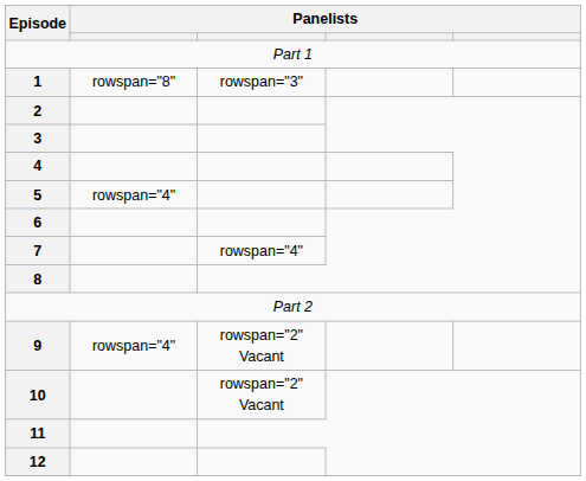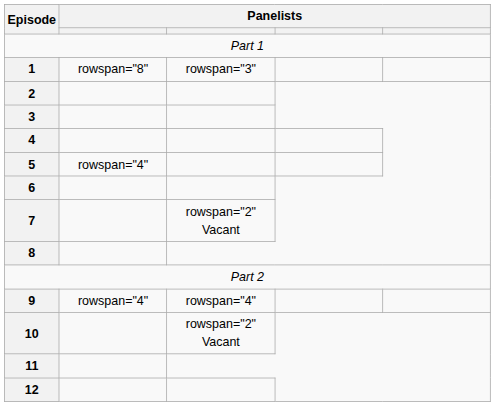 <table class="wikitable plainrowheaders mw-collapsible" style="text-align:center; line-height:23px; width:100%;">
 <tr>
 <th rowspan=2 width=01%>Episode</th>
 <th colspan=6>Panelists</th>
 </tr>
 <tr>
 <th width="20%"></th>
 <th width="20%"></th>
 <th width="20%"></th>
 <th width="20%"></th>
 </tr>
 <tr>
 <td colspan="5"><em>Part 1</em></td>
 </tr>
 <tr>
 <th>1</th>
 <td>rowspan="8" </td>
 <td>rowspan="3" </td>
 <td></td>
 <td></td>
 </tr>
 <tr>
 <th>2</th>
 <td></td>
 <td></td>
 </tr>
 <tr>
 <th>3</th>
 <td></td>
 <td></td>
 </tr>
 <tr>
 <th>4</th>
 <td></td>
 <td></td>
 <td></td>
 </tr>
 <tr>
 <th>5</th>
 <td>rowspan="4" </td>
 <td></td>
 <td></td>
 </tr>
 <tr>
 <th>6</th>
 <td></td>
 <td></td>
 </tr>
 <tr>
 <th>7</th>
 <td></td>
-<td>rowspan="4" </td>
+<td>rowspan="2"  Vacant</td>
 </tr>
 <tr>
 <th>8</th>
 <td></td>
 </tr>
 <tr>
 <td colspan="5"><em>Part 2</em></td>
 </tr>
 <tr>
 <th>9</th>
 <td>rowspan="4" </td>
-<td>rowspan="2"  Vacant</td>
+<td>rowspan="4" </td>
 <td></td>
 <td></td>
 </tr>
 <tr>
 <th>10</th>
 <td></td>
 <td>rowspan="2"  Vacant</td>
 </tr>
 <tr>
 <th>11</th>
 <td></td>
 </tr>
 <tr>
 <th>12</th>
 <td></td>
 <td></td>
 </tr>
 </table>
